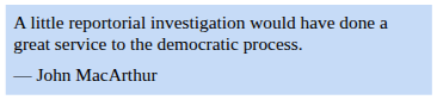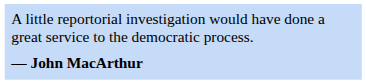 <table class="toccolours" style="float: right; margin-left: 1em; margin-right: 2em; font-size: 85%; background:#c6dbf7; color:black; width:25em; max-width: 25%;" cellspacing="5">
 <tr>
 <td style="text-align: left;">A little reportorial investigation would have done a great service to the democratic process.</td>
 </tr>
 <tr>
-<td style="text-align: left;">— John MacArthur</td>
+<td style="text-align: left;"><strong>— John MacArthur</strong></td>
 </tr>
 </table>
